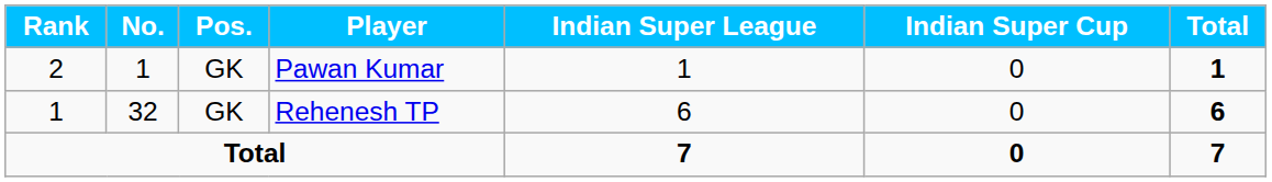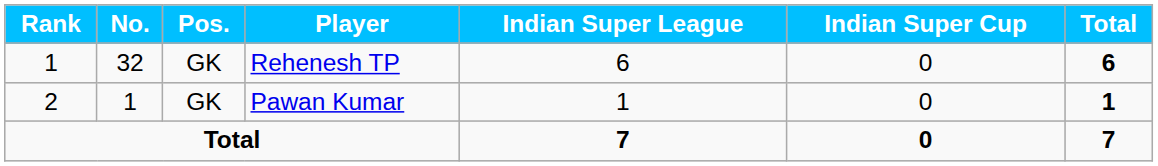 <table class="wikitable sortable" style="text-align:center;width:85%;">
 <tr>
 <th style=background:#00BFFF;color:#FFFFFF>Rank</th>
 <th style=background:#00BFFF;color:#FFFFFF>No.</th>
 <th style=background:#00BFFF;color:#FFFFFF>Pos.</th>
 <th style=background:#00BFFF;color:#FFFFFF>Player</th>
 <th style=background:#00BFFF;color:#FFFFFF>Indian Super League</th>
 <th style=background:#00BFFF;color:#FFFFFF>Indian Super Cup</th>
 <th style=background:#00BFFF;color:#FFFFFF>Total</th>
 </tr>
 <tr>
+<td>1</td>
+<td>32</td>
+<td>GK</td>
+<td align=left> <a href='#'>Rehenesh TP</a></td>
+<td>6</td>
+<td>0</td>
+<td><strong>6</strong></td>
+</tr>
+<tr>
 <td>2</td>
 <td>1</td>
 <td>GK</td>
 <td align=left> <a href='#'>Pawan Kumar</a></td>
 <td>1</td>
 <td>0</td>
 <td><strong>1</strong></td>
 </tr>
 <tr>
-<td>1</td>
-<td>32</td>
-<td>GK</td>
-<td align=left> <a href='#'>Rehenesh TP</a></td>
-<td>6</td>
-<td>0</td>
-<td><strong>6</strong></td>
-</tr>
-<tr>
 <td colspan=4><strong>Total</strong></td>
 <td><strong>7</strong></td>
 <td><strong>0</strong></td>
 <td><strong>7</strong></td>
 </tr>
 </table>
